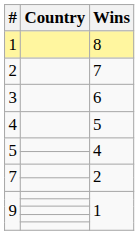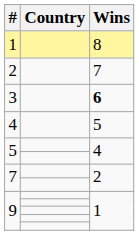 <table class="wikitable sortable">
 <tr>
 <th>#</th>
 <th>Country</th>
 <th>Wins</th>
 </tr>
 <tr style="background:#FFF69F">
 <td>1</td>
 <td style="text-align:left"></td>
 <td>8</td>
 </tr>
 <tr>
 <td>2</td>
 <td style="text-align:left"></td>
 <td>7</td>
 </tr>
 <tr>
 <td>3</td>
 <td style="text-align:left"></td>
-<td>6</td>
+<td><strong>6</strong></td>
 </tr>
 <tr>
 <td rowspan="1">4</td>
 <td style="text-align:left"></td>
 <td rowspan="1">5</td>
 </tr>
 <tr>
 <td rowspan="2">5</td>
 <td style="text-align:left"></td>
 <td rowspan="2">4</td>
 </tr>
 <tr>
 <td style="text-align:left"></td>
 </tr>
 <tr>
 <td rowspan="2">7</td>
 <td style="text-align:left"></td>
 <td rowspan="2">2</td>
 </tr>
 <tr>
 <td style="text-align:left"></td>
 </tr>
 <tr>
 <td rowspan="5">9</td>
 <td style="text-align:left"></td>
 <td rowspan="5">1</td>
 </tr>
 <tr>
 <td style="text-align:left"></td>
 </tr>
 <tr>
 <td style="text-align:left"></td>
 </tr>
 <tr>
 <td style="text-align:left"></td>
 </tr>
 <tr>
 <td style="text-align:left"></td>
 </tr>
 </table>
